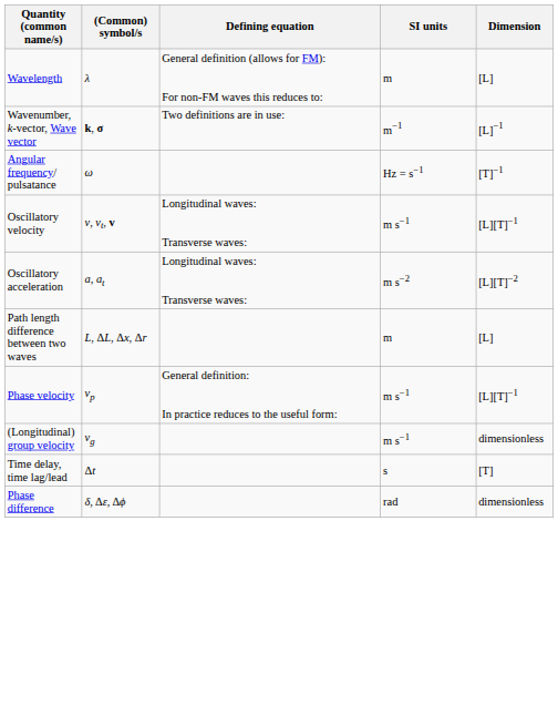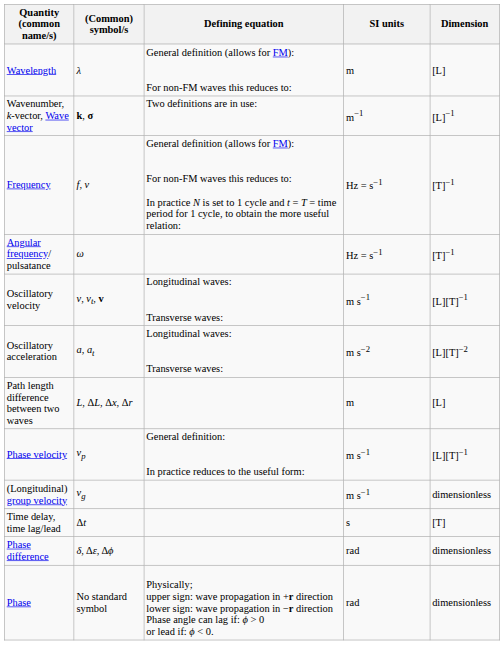 <table class="wikitable">
 <tr>
 <th scope="col" style="width:100px;">Quantity (common name/s)</th>
 <th scope="col" style="width:100px;">(Common) symbol/s</th>
 <th scope="col" style="width:300px;">Defining equation</th>
 <th scope="col" style="width:125px;">SI units</th>
 <th scope="col" style="width:100px;">Dimension</th>
 </tr>
 <tr>
 <td><a href='#'>Wavelength</a></td>
 <td><em>λ</em></td>
 <td>General definition (allows for <a href='#'>FM</a>): <br><br><br>For non-FM waves this reduces to:<br></td>
 <td>m</td>
 <td>[L]</td>
 </tr>
 <tr>
 <td>Wavenumber, <em>k</em>-vector, <a href='#'>Wave vector</a></td>
 <td><strong>k</strong>, <strong>σ</strong></td>
 <td>Two definitions are in use:<br><br><br></td>
 <td>m<sup>−1</sup></td>
 <td>[L]<sup>−1</sup></td>
+</tr>
+<tr>
+<td><a href='#'>Frequency</a></td>
+<td><em>f, ν</em></td>
+<td>General definition (allows for <a href='#'>FM</a>): <br><br><br>For non-FM waves this reduces to:<br><br>In practice <em>N</em> is set to 1 cycle and <em>t</em> = <em>T</em> = time period for 1 cycle, to obtain the more useful relation: <br></td>
+<td>Hz = s<sup>−1</sup></td>
+<td>[T]<sup>−1</sup></td>
 </tr>
 <tr>
 <td><a href='#'>Angular frequency</a>/ pulsatance</td>
 <td><em>ω</em></td>
 <td></td>
 <td>Hz = s<sup>−1</sup></td>
 <td>[T]<sup>−1</sup></td>
 </tr>
 <tr>
 <td>Oscillatory velocity</td>
 <td><em>v</em>, <em>v<sub>t</sub></em>, <strong>v</strong></td>
 <td>Longitudinal waves:<br><br><br>Transverse waves:<br></td>
 <td>m s<sup>−1</sup></td>
 <td>[L][T]<sup>−1</sup></td>
 </tr>
 <tr>
 <td>Oscillatory acceleration</td>
 <td><em>a</em>, <em>a<sub>t</sub></em></td>
 <td>Longitudinal waves:<br><br><br>Transverse waves:<br></td>
 <td>m s<sup>−2</sup></td>
 <td>[L][T]<sup>−2</sup></td>
 </tr>
 <tr>
 <td>Path length difference between two waves</td>
 <td><em>L</em>, Δ<em>L</em>, Δ<em>x</em>, Δ<em>r</em></td>
 <td></td>
 <td>m</td>
 <td>[L]</td>
 </tr>
 <tr>
 <td><a href='#'>Phase velocity</a></td>
 <td><em>v<sub>p</sub></em></td>
 <td>General definition:<br><br><br>In practice reduces to the useful form:<br></td>
 <td>m s<sup>−1</sup></td>
 <td>[L][T]<sup>−1</sup></td>
 </tr>
 <tr>
 <td>(Longitudinal) <a href='#'>group velocity</a></td>
 <td><em>v<sub>g</sub></em></td>
 <td></td>
 <td>m s<sup>−1</sup></td>
 <td>dimensionless</td>
 </tr>
 <tr>
 <td>Time delay, time lag/lead</td>
 <td>Δ<em>t</em></td>
 <td></td>
 <td>s</td>
 <td>[T]</td>
 </tr>
 <tr>
 <td><a href='#'>Phase difference</a></td>
 <td><em>δ</em>, Δ<em>ε</em>, Δ<em>ϕ</em></td>
 <td></td>
 <td>rad</td>
 <td>dimensionless</td>
 </tr>
+<tr>
+<td><a href='#'>Phase</a></td>
+<td>No standard symbol</td>
+<td><br>Physically;<br> upper sign: wave propagation in +<strong>r</strong> direction<br> lower sign: wave propagation in −<strong>r</strong> direction<br>Phase angle can lag if: <em>ϕ</em> > 0 <br> or lead if: <em>ϕ</em> < 0.</td>
+<td>rad</td>
+<td>dimensionless</td>
+</tr>
 </table>
